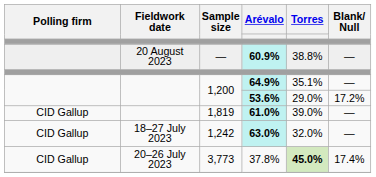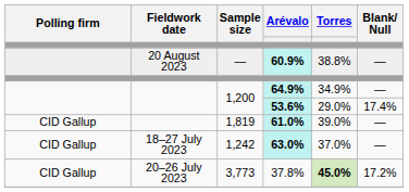 <table class="wikitable" style="text-align:center;font-size:90%;line-height:14px;">
 <tr style="height:40px;">
 <th style="width:150px;" rowspan="2">Polling firm</th>
 <th style="width:100px;" rowspan="2">Fieldwork date</th>
 <th style="width:50px;" rowspan="2">Sample size</th>
 <th class="unsortable" style="width:50px;"><a href='#'>Arévalo</a><br></th>
 <th class="unsortable" style="width:50px;"><a href='#'>Torres</a><br></th>
 <th style="width:50px;" rowspan="2">Blank/ Null</th>
 </tr>
 <tr>
 <th style="background:"></th>
 <th style="background:"></th>
 </tr>
 <tr>
 <td colspan="18" style="background:#A0A0A0"></td>
 </tr>
 <tr style="background:#EFEFEF;">
 <td style="background:#EFEFEF;"></td>
 <td style="background:#EFEFEF;">20 August 2023</td>
 <td>—</td>
 <td style="background:#bff2f1;"><strong>60.9%</strong></td>
 <td>38.8%</td>
 <td>—</td>
 </tr>
 <tr>
 <td colspan="18" style="background:#A0A0A0"></td>
 </tr>
 <tr>
 <td rowspan="2"></td>
 <td rowspan="2"></td>
 <td rowspan="2'">1,200</td>
 <td style="background:#bff2f1;"><strong>64.9%</strong></td>
-<td>35.1%</td>
+<td>34.9%</td>
 <td>—</td>
 </tr>
 <tr>
 <td style="background:#bff2f1;"><strong>53.6%</strong></td>
 <td>29.0%</td>
-<td>17.2%</td>
+<td>17.4%</td>
 </tr>
 <tr>
 <td>CID Gallup</td>
 <td></td>
 <td>1,819</td>
 <td style="background:#bff2f1;"><strong>61.0%</strong></td>
 <td>39.0%</td>
 <td>—</td>
 </tr>
 <tr>
 <td>CID Gallup</td>
 <td>18–27 July 2023</td>
 <td>1,242</td>
 <td style="background:#bff2f1;"><strong>63.0%</strong></td>
-<td>32.0%</td>
+<td>37.0%</td>
 <td>—</td>
 </tr>
 <tr>
 <td>CID Gallup</td>
 <td>20–26 July 2023</td>
 <td>3,773</td>
 <td>37.8%</td>
 <td style="background:#d3e9bf;"><strong>45.0%</strong></td>
-<td>17.4%</td>
+<td>17.2%</td>
 </tr>
 <tr>
 </tr>
 </table>
